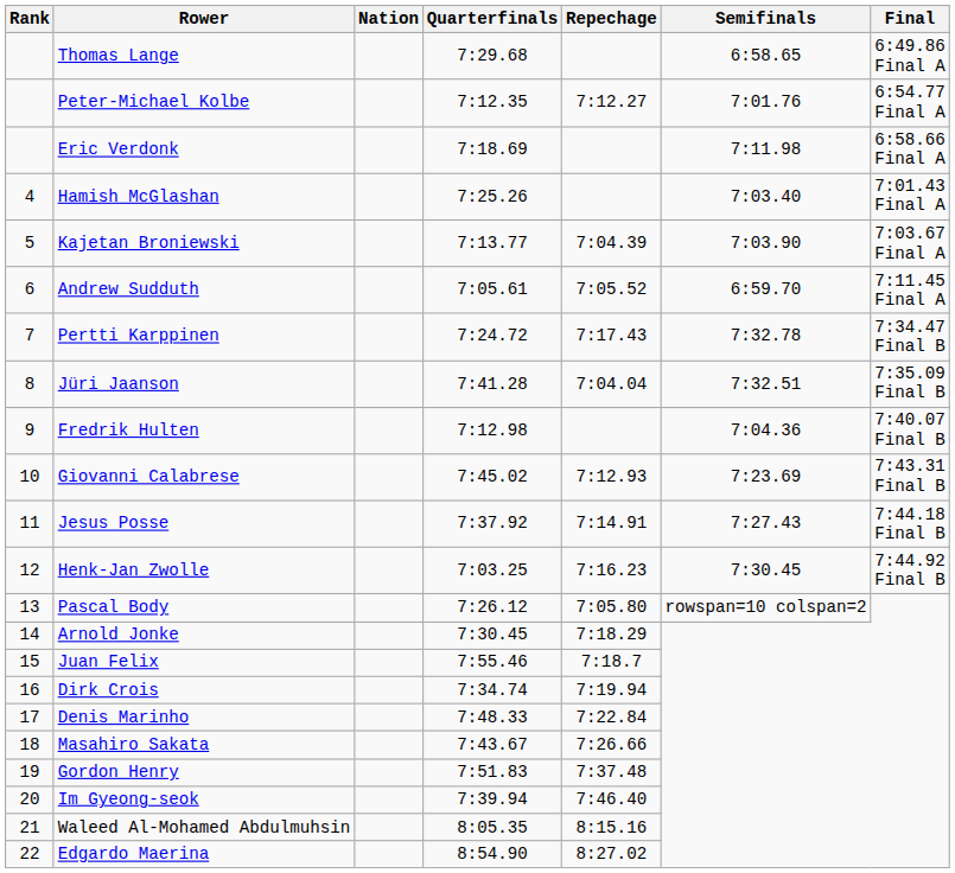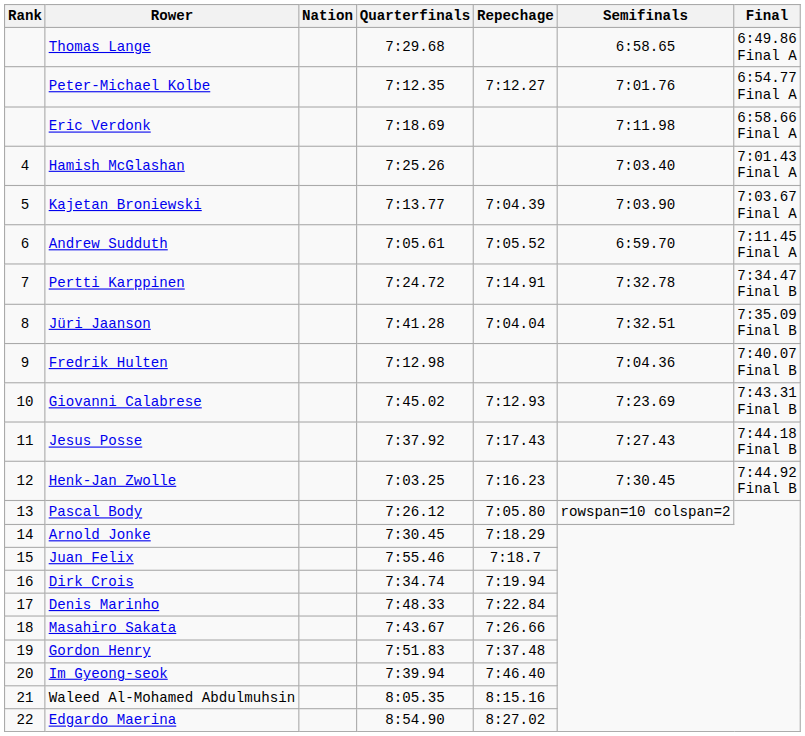 <table class="wikitable sortable" style="text-align:center">
 <tr>
 <th>Rank</th>
 <th>Rower</th>
 <th>Nation</th>
 <th>Quarterfinals</th>
 <th>Repechage</th>
 <th>Semifinals</th>
 <th>Final</th>
 </tr>
 <tr>
 <td></td>
 <td data-sort-value="Lange, Thomas" align=left><a href='#'>Thomas Lange</a></td>
 <td align=left></td>
 <td>7:29.68</td>
 <td></td>
 <td>6:58.65</td>
 <td>6:49.86<br>Final A</td>
 </tr>
 <tr>
 <td></td>
 <td data-sort-value="Kolbe, Peter-Michael" align=left><a href='#'>Peter-Michael Kolbe</a></td>
 <td align=left></td>
 <td>7:12.35</td>
 <td>7:12.27</td>
 <td>7:01.76</td>
 <td>6:54.77<br>Final A</td>
 </tr>
 <tr>
 <td></td>
 <td data-sort-value="Verdonk, Eric" align=left><a href='#'>Eric Verdonk</a></td>
 <td align=left></td>
 <td>7:18.69</td>
 <td></td>
 <td>7:11.98</td>
 <td>6:58.66<br>Final A</td>
 </tr>
 <tr>
 <td>4</td>
 <td data-sort-value="McGlashan, Hamish" align=left><a href='#'>Hamish McGlashan</a></td>
 <td align=left></td>
 <td>7:25.26</td>
 <td></td>
 <td>7:03.40</td>
 <td>7:01.43<br>Final A</td>
 </tr>
 <tr>
 <td>5</td>
 <td data-sort-value="Broniewski, Kajetan" align=left><a href='#'>Kajetan Broniewski</a></td>
 <td align=left></td>
 <td>7:13.77</td>
 <td>7:04.39</td>
 <td>7:03.90</td>
 <td>7:03.67<br>Final A</td>
 </tr>
 <tr>
 <td>6</td>
 <td data-sort-value="Sudduth, Andrew" align=left><a href='#'>Andrew Sudduth</a></td>
 <td align=left></td>
 <td>7:05.61</td>
 <td>7:05.52</td>
 <td>6:59.70</td>
 <td>7:11.45<br>Final A</td>
 </tr>
 <tr>
 <td>7</td>
 <td data-sort-value="Karppinen, Pertti" align=left><a href='#'>Pertti Karppinen</a></td>
 <td align=left></td>
 <td>7:24.72</td>
-<td>7:17.43</td>
+<td>7:14.91</td>
 <td>7:32.78</td>
 <td>7:34.47<br>Final B</td>
 </tr>
 <tr>
 <td>8</td>
 <td data-sort-value="Jaanson, Jüri" align=left><a href='#'>Jüri Jaanson</a></td>
 <td align=left></td>
 <td>7:41.28</td>
 <td>7:04.04</td>
 <td>7:32.51</td>
 <td>7:35.09<br>Final B</td>
 </tr>
 <tr>
 <td>9</td>
 <td data-sort-value="Hulten, Fredrik" align=left><a href='#'>Fredrik Hulten</a></td>
 <td align=left></td>
 <td>7:12.98</td>
 <td></td>
 <td>7:04.36</td>
 <td>7:40.07<br>Final B</td>
 </tr>
 <tr>
 <td>10</td>
 <td data-sort-value="Calabrese, Giovanni" align=left><a href='#'>Giovanni Calabrese</a></td>
 <td align=left></td>
 <td>7:45.02</td>
 <td>7:12.93</td>
 <td>7:23.69</td>
 <td>7:43.31<br>Final B</td>
 </tr>
 <tr>
 <td>11</td>
 <td data-sort-value="Posse, Jesus" align=left><a href='#'>Jesus Posse</a></td>
 <td align=left></td>
 <td>7:37.92</td>
-<td>7:14.91</td>
+<td>7:17.43</td>
 <td>7:27.43</td>
 <td>7:44.18<br>Final B</td>
 </tr>
 <tr>
 <td>12</td>
 <td data-sort-value="Zwolle, Henk-Jan" align=left><a href='#'>Henk-Jan Zwolle</a></td>
 <td align=left></td>
 <td>7:03.25</td>
 <td>7:16.23</td>
 <td>7:30.45</td>
 <td>7:44.92<br>Final B</td>
 </tr>
 <tr>
 <td>13</td>
 <td data-sort-value="Body, Pascal" align=left><a href='#'>Pascal Body</a></td>
 <td align=left></td>
 <td>7:26.12</td>
 <td>7:05.80</td>
 <td>rowspan=10 colspan=2 </td>
 </tr>
 <tr>
 <td>14</td>
 <td data-sort-value="Jonke, Arnold" align=left><a href='#'>Arnold Jonke</a></td>
 <td align=left></td>
 <td>7:30.45</td>
 <td>7:18.29</td>
 </tr>
 <tr>
 <td>15</td>
 <td data-sort-value="Felix, Juan" align=left><a href='#'>Juan Felix</a></td>
 <td align=left></td>
 <td>7:55.46</td>
 <td>7:18.7</td>
 </tr>
 <tr>
 <td>16</td>
 <td data-sort-value="Crois, Dirk" align=left><a href='#'>Dirk Crois</a></td>
 <td align=left></td>
 <td>7:34.74</td>
 <td>7:19.94</td>
 </tr>
 <tr>
 <td>17</td>
 <td data-sort-value="Marinho, Denis" align=left><a href='#'>Denis Marinho</a></td>
 <td align=left></td>
 <td>7:48.33</td>
 <td>7:22.84</td>
 </tr>
 <tr>
 <td>18</td>
 <td data-sort-value="Sakata, Masahiro" align=left><a href='#'>Masahiro Sakata</a></td>
 <td align=left></td>
 <td>7:43.67</td>
 <td>7:26.66</td>
 </tr>
 <tr>
 <td>19</td>
 <td data-sort-value="Henry, Gordon" align=left><a href='#'>Gordon Henry</a></td>
 <td align=left></td>
 <td>7:51.83</td>
 <td>7:37.48</td>
 </tr>
 <tr>
 <td>20</td>
 <td align=left><a href='#'>Im Gyeong-seok</a></td>
 <td align=left></td>
 <td>7:39.94</td>
 <td>7:46.40</td>
 </tr>
 <tr>
 <td>21</td>
 <td data-sort-value="Abdulmuhsin, Waleed Al-Mohamed" align=left>Waleed Al-Mohamed Abdulmuhsin</td>
 <td align=left></td>
 <td>8:05.35</td>
 <td>8:15.16</td>
 </tr>
 <tr>
 <td>22</td>
 <td data-sort-value="Maerina, Edgardo" align=left><a href='#'>Edgardo Maerina</a></td>
 <td align=left></td>
 <td>8:54.90</td>
 <td>8:27.02</td>
 </tr>
 </table>
